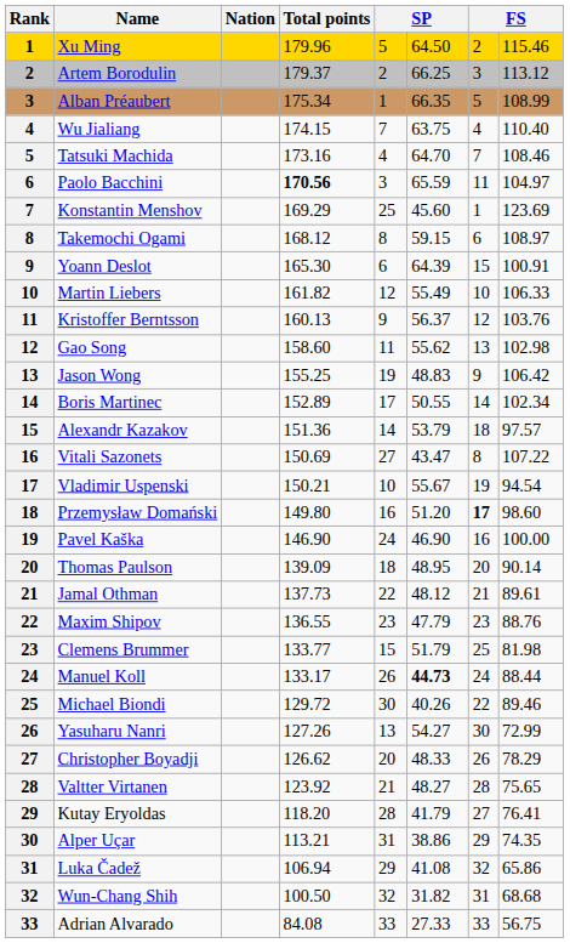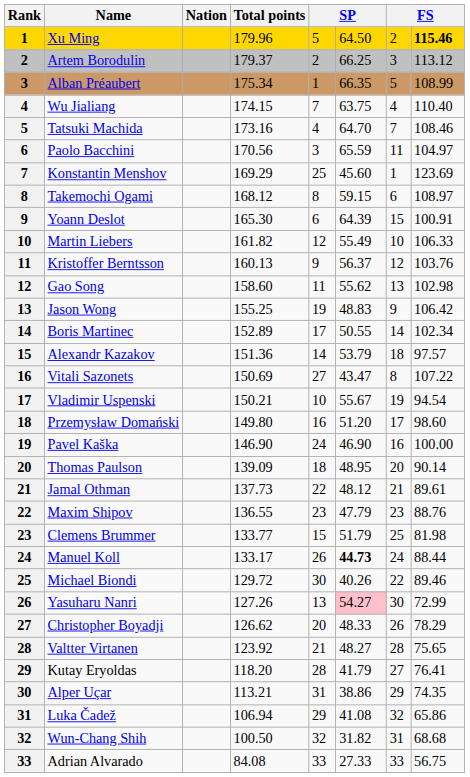 <table class="wikitable">
 <tr>
 <th>Rank</th>
 <th>Name</th>
 <th>Nation</th>
 <th>Total points</th>
 <th colspan="2" width="80px"><a href='#'>SP</a></th>
 <th colspan="2" width="80px"><a href='#'>FS</a></th>
 </tr>
 <tr bgcolor="gold">
 <td align="center"><strong>1</strong></td>
 <td><a href='#'>Xu Ming</a></td>
 <td></td>
 <td>179.96</td>
 <td>5</td>
 <td>64.50</td>
 <td>2</td>
-<td>115.46</td>
+<td><strong>115.46</strong></td>
 </tr>
 <tr bgcolor="silver">
 <td align="center"><strong>2</strong></td>
 <td><a href='#'>Artem Borodulin</a></td>
 <td></td>
 <td>179.37</td>
 <td>2</td>
 <td>66.25</td>
 <td>3</td>
 <td>113.12</td>
 </tr>
 <tr bgcolor="cc9966">
 <td align="center"><strong>3</strong></td>
 <td><a href='#'>Alban Préaubert</a></td>
 <td></td>
 <td>175.34</td>
 <td>1</td>
 <td>66.35</td>
 <td>5</td>
 <td>108.99</td>
 </tr>
 <tr>
 <th>4</th>
 <td><a href='#'>Wu Jialiang</a></td>
 <td></td>
 <td>174.15</td>
 <td>7</td>
 <td>63.75</td>
 <td>4</td>
 <td>110.40</td>
 </tr>
 <tr>
 <th>5</th>
 <td><a href='#'>Tatsuki Machida</a></td>
 <td></td>
 <td>173.16</td>
 <td>4</td>
 <td>64.70</td>
 <td>7</td>
 <td>108.46</td>
 </tr>
 <tr>
 <th>6</th>
 <td><a href='#'>Paolo Bacchini</a></td>
 <td></td>
-<td><strong>170.56</strong></td>
+<td>170.56</td>
 <td>3</td>
 <td>65.59</td>
 <td>11</td>
 <td>104.97</td>
 </tr>
 <tr>
 <th>7</th>
 <td><a href='#'>Konstantin Menshov</a></td>
 <td></td>
 <td>169.29</td>
 <td>25</td>
 <td>45.60</td>
 <td>1</td>
 <td>123.69</td>
 </tr>
 <tr>
 <th>8</th>
 <td><a href='#'>Takemochi Ogami</a></td>
 <td></td>
 <td>168.12</td>
 <td>8</td>
 <td>59.15</td>
 <td>6</td>
 <td>108.97</td>
 </tr>
 <tr>
 <th>9</th>
 <td><a href='#'>Yoann Deslot</a></td>
 <td></td>
 <td>165.30</td>
 <td>6</td>
 <td>64.39</td>
 <td>15</td>
 <td>100.91</td>
 </tr>
 <tr>
 <th>10</th>
 <td><a href='#'>Martin Liebers</a></td>
 <td></td>
 <td>161.82</td>
 <td>12</td>
 <td>55.49</td>
 <td>10</td>
 <td>106.33</td>
 </tr>
 <tr>
 <th>11</th>
 <td><a href='#'>Kristoffer Berntsson</a></td>
 <td></td>
 <td>160.13</td>
 <td>9</td>
 <td>56.37</td>
 <td>12</td>
 <td>103.76</td>
 </tr>
 <tr>
 <th>12</th>
 <td><a href='#'>Gao Song</a></td>
 <td></td>
 <td>158.60</td>
 <td>11</td>
 <td>55.62</td>
 <td>13</td>
 <td>102.98</td>
 </tr>
 <tr>
 <th>13</th>
 <td><a href='#'>Jason Wong</a></td>
 <td></td>
 <td>155.25</td>
 <td>19</td>
 <td>48.83</td>
 <td>9</td>
 <td>106.42</td>
 </tr>
 <tr>
 <th>14</th>
 <td><a href='#'>Boris Martinec</a></td>
 <td></td>
 <td>152.89</td>
 <td>17</td>
 <td>50.55</td>
 <td>14</td>
 <td>102.34</td>
 </tr>
 <tr>
 <th>15</th>
 <td><a href='#'>Alexandr Kazakov</a></td>
 <td></td>
 <td>151.36</td>
 <td>14</td>
 <td>53.79</td>
 <td>18</td>
 <td>97.57</td>
 </tr>
 <tr>
 <th>16</th>
 <td><a href='#'>Vitali Sazonets</a></td>
 <td></td>
 <td>150.69</td>
 <td>27</td>
 <td>43.47</td>
 <td>8</td>
 <td>107.22</td>
 </tr>
 <tr>
 <th>17</th>
 <td><a href='#'>Vladimir Uspenski</a></td>
 <td></td>
 <td>150.21</td>
 <td>10</td>
 <td>55.67</td>
 <td>19</td>
 <td>94.54</td>
 </tr>
 <tr>
 <th>18</th>
 <td><a href='#'>Przemysław Domański</a></td>
 <td></td>
 <td>149.80</td>
 <td>16</td>
 <td>51.20</td>
-<td><strong>17</strong></td>
+<td>17</td>
 <td>98.60</td>
 </tr>
 <tr>
 <th>19</th>
 <td><a href='#'>Pavel Kaška</a></td>
 <td></td>
 <td>146.90</td>
 <td>24</td>
 <td>46.90</td>
 <td>16</td>
 <td>100.00</td>
 </tr>
 <tr>
 <th>20</th>
 <td><a href='#'>Thomas Paulson</a></td>
 <td></td>
 <td>139.09</td>
 <td>18</td>
 <td>48.95</td>
 <td>20</td>
 <td>90.14</td>
 </tr>
 <tr>
 <th>21</th>
 <td><a href='#'>Jamal Othman</a></td>
 <td></td>
 <td>137.73</td>
 <td>22</td>
 <td>48.12</td>
 <td>21</td>
 <td>89.61</td>
 </tr>
 <tr>
 <th>22</th>
 <td><a href='#'>Maxim Shipov</a></td>
 <td></td>
 <td>136.55</td>
 <td>23</td>
 <td>47.79</td>
 <td>23</td>
 <td>88.76</td>
 </tr>
 <tr>
 <th>23</th>
 <td><a href='#'>Clemens Brummer</a></td>
 <td></td>
 <td>133.77</td>
 <td>15</td>
 <td>51.79</td>
 <td>25</td>
 <td>81.98</td>
 </tr>
 <tr>
 <th>24</th>
 <td><a href='#'>Manuel Koll</a></td>
 <td></td>
 <td>133.17</td>
 <td>26</td>
 <td><strong>44.73</strong></td>
 <td>24</td>
 <td>88.44</td>
 </tr>
 <tr>
 <th>25</th>
 <td><a href='#'>Michael Biondi</a></td>
 <td></td>
 <td>129.72</td>
 <td>30</td>
 <td>40.26</td>
 <td>22</td>
 <td>89.46</td>
 </tr>
 <tr>
 <th>26</th>
 <td><a href='#'>Yasuharu Nanri</a></td>
 <td></td>
 <td>127.26</td>
 <td>13</td>
-<td>54.27</td>
+<td style="background: pink;">54.27</td>
 <td>30</td>
 <td>72.99</td>
 </tr>
 <tr>
 <th>27</th>
 <td><a href='#'>Christopher Boyadji</a></td>
 <td></td>
 <td>126.62</td>
 <td>20</td>
 <td>48.33</td>
 <td>26</td>
 <td>78.29</td>
 </tr>
 <tr>
 <th>28</th>
 <td><a href='#'>Valtter Virtanen</a></td>
 <td></td>
 <td>123.92</td>
 <td>21</td>
 <td>48.27</td>
 <td>28</td>
 <td>75.65</td>
 </tr>
 <tr>
 <th>29</th>
 <td>Kutay Eryoldas</td>
 <td></td>
 <td>118.20</td>
 <td>28</td>
 <td>41.79</td>
 <td>27</td>
 <td>76.41</td>
 </tr>
 <tr>
 <th>30</th>
 <td><a href='#'>Alper Uçar</a></td>
 <td></td>
 <td>113.21</td>
 <td>31</td>
 <td>38.86</td>
 <td>29</td>
 <td>74.35</td>
 </tr>
 <tr>
 <th>31</th>
 <td><a href='#'>Luka Čadež</a></td>
 <td></td>
 <td>106.94</td>
 <td>29</td>
 <td>41.08</td>
 <td>32</td>
 <td>65.86</td>
 </tr>
 <tr>
 <th>32</th>
 <td><a href='#'>Wun-Chang Shih</a></td>
 <td></td>
 <td>100.50</td>
 <td>32</td>
 <td>31.82</td>
 <td>31</td>
 <td>68.68</td>
 </tr>
 <tr>
 <th>33</th>
 <td>Adrian Alvarado</td>
 <td></td>
 <td>84.08</td>
 <td>33</td>
 <td>27.33</td>
 <td>33</td>
 <td>56.75</td>
 </tr>
 </table>
